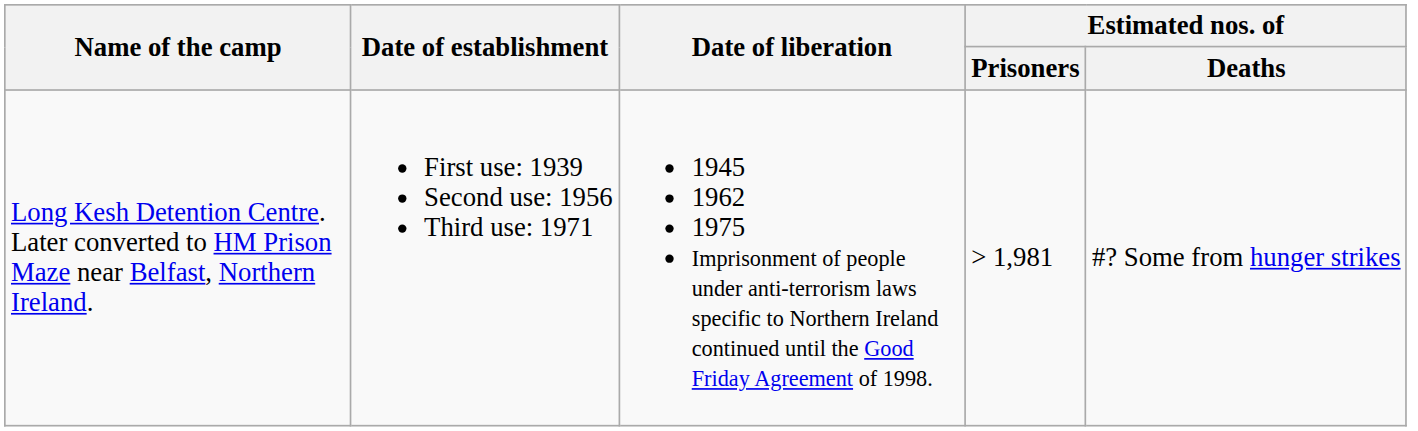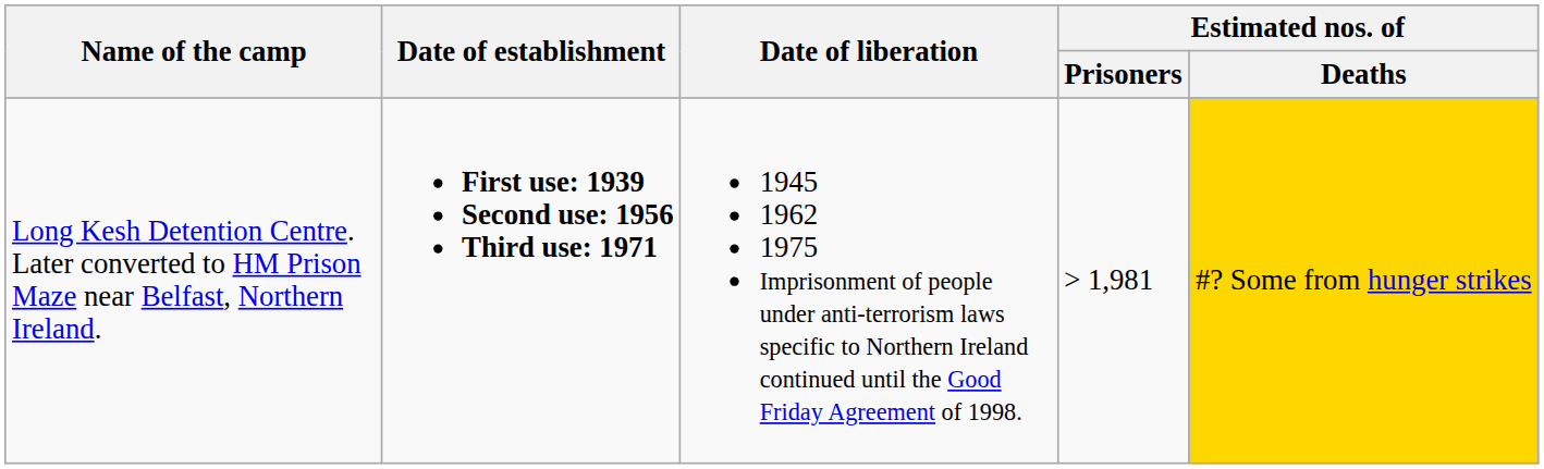 <table class="wikitable">
 <tr>
 <th rowspan=2>Name of the camp</th>
 <th rowspan=2>Date of establishment</th>
 <th rowspan=2>Date of liberation</th>
 <th colspan=2>Estimated nos. of</th>
 </tr>
 <tr>
 <th>Prisoners</th>
 <th>Deaths</th>
 </tr>
 <tr>
 <td width=200><a href='#'>Long Kesh Detention Centre</a>. Later converted to <a href='#'>HM Prison Maze</a> near <a href='#'>Belfast</a>, <a href='#'>Northern Ireland</a>.</td>
-<td valign=top><br><ul><li>First use: 1939</li><li>Second use: 1956</li><li>Third use: 1971</li></ul></td>
+<td valign=top><strong><br><ul><li>First use: 1939</li><li>Second use: 1956</li><li>Third use: 1971</li></ul></strong></td>
 <td width=200><br><ul><li>1945</li><li>1962</li><li>1975</li><li><small>Imprisonment of people under anti-terrorism laws specific to Northern Ireland continued until the <a href='#'>Good Friday Agreement</a> of 1998.</small></li></ul></td>
 <td>> 1,981</td>
-<td>#? Some from <a href='#'>hunger strikes</a></td>
+<td style="background: gold;">#? Some from <a href='#'>hunger strikes</a></td>
 </tr>
 </table>
